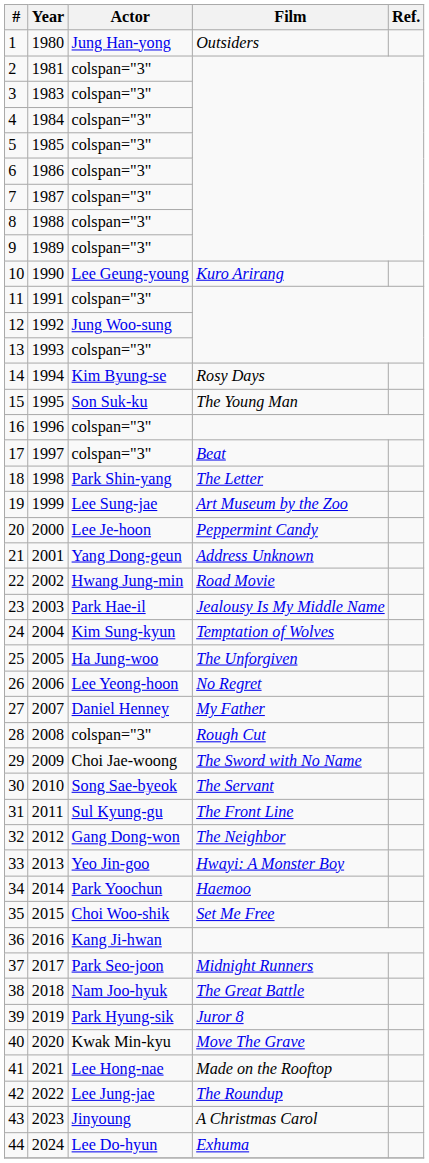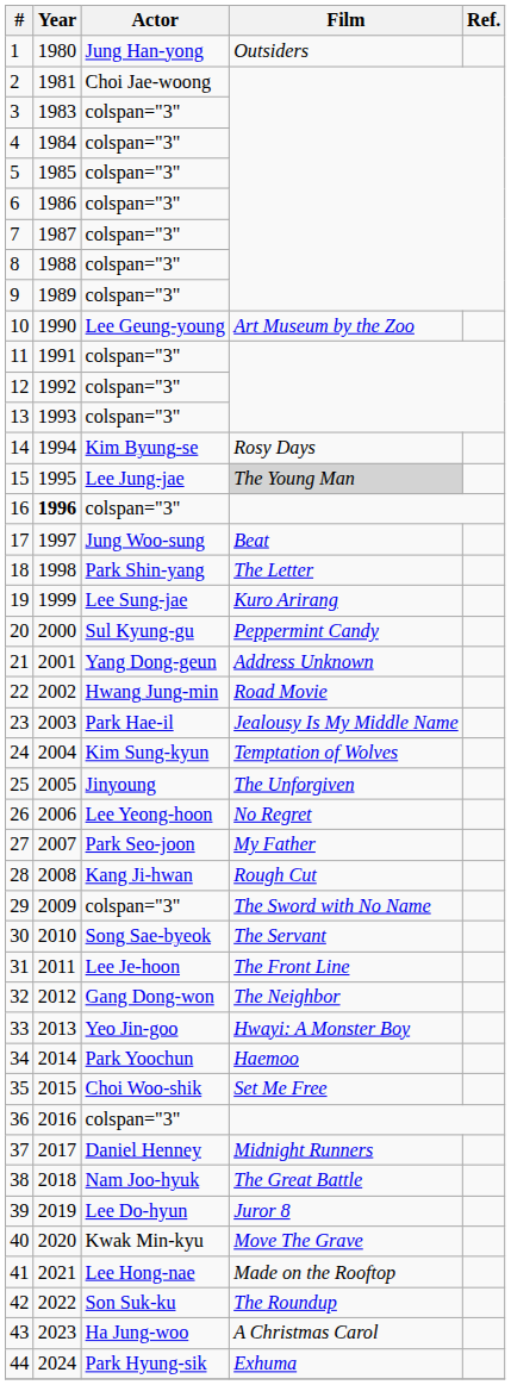 <table class="wikitable">
 <tr>
 <th>#</th>
 <th>Year</th>
 <th>Actor</th>
 <th>Film</th>
 <th>Ref.</th>
 </tr>
 <tr>
 <td>1</td>
 <td>1980</td>
 <td><a href='#'>Jung Han-yong</a></td>
 <td><em>Outsiders</em></td>
 <td></td>
 </tr>
 <tr>
 <td>2</td>
 <td>1981</td>
-<td>colspan="3" </td>
+<td>Choi Jae-woong</td>
 </tr>
 <tr>
 <td>3</td>
 <td>1983</td>
 <td>colspan="3" </td>
 </tr>
 <tr>
 <td>4</td>
 <td>1984</td>
 <td>colspan="3" </td>
 </tr>
 <tr>
 <td>5</td>
 <td>1985</td>
 <td>colspan="3" </td>
 </tr>
 <tr>
 <td>6</td>
 <td>1986</td>
 <td>colspan="3" </td>
 </tr>
 <tr>
 <td>7</td>
 <td>1987</td>
 <td>colspan="3" </td>
 </tr>
 <tr>
 <td>8</td>
 <td>1988</td>
 <td>colspan="3" </td>
 </tr>
 <tr>
 <td>9</td>
 <td>1989</td>
 <td>colspan="3" </td>
 </tr>
 <tr>
 <td>10</td>
 <td>1990</td>
 <td><a href='#'>Lee Geung-young</a></td>
-<td><em><a href='#'>Kuro Arirang</a></em></td>
+<td><em><a href='#'>Art Museum by the Zoo</a></em></td>
 <td></td>
 </tr>
 <tr>
 <td>11</td>
 <td>1991</td>
 <td>colspan="3" </td>
 </tr>
 <tr>
 <td>12</td>
 <td>1992</td>
-<td><a href='#'>Jung Woo-sung</a></td>
+<td>colspan="3" </td>
 </tr>
 <tr>
 <td>13</td>
 <td>1993</td>
 <td>colspan="3" </td>
 </tr>
 <tr>
 <td>14</td>
 <td>1994</td>
 <td><a href='#'>Kim Byung-se</a></td>
 <td><em>Rosy Days</em></td>
 <td></td>
 </tr>
 <tr>
 <td>15</td>
 <td>1995</td>
-<td><a href='#'>Son Suk-ku</a></td>
-<td><em>The Young Man</em></td>
+<td><a href='#'>Lee Jung-jae</a></td>
+<td style="background: lightgrey;"><em>The Young Man</em></td>
 <td></td>
 </tr>
 <tr>
 <td>16</td>
-<td>1996</td>
+<td><strong>1996</strong></td>
 <td>colspan="3" </td>
 </tr>
 <tr>
 <td>17</td>
 <td>1997</td>
-<td>colspan="3" </td>
+<td><a href='#'>Jung Woo-sung</a></td>
 <td><em><a href='#'>Beat</a></em></td>
 <td></td>
 </tr>
 <tr>
 <td>18</td>
 <td>1998</td>
 <td><a href='#'>Park Shin-yang</a></td>
 <td><em><a href='#'>The Letter</a></em></td>
 <td></td>
 </tr>
 <tr>
 <td>19</td>
 <td>1999</td>
 <td><a href='#'>Lee Sung-jae</a></td>
-<td><em><a href='#'>Art Museum by the Zoo</a></em></td>
+<td><em><a href='#'>Kuro Arirang</a></em></td>
 <td></td>
 </tr>
 <tr>
 <td>20</td>
 <td>2000</td>
-<td><a href='#'>Lee Je-hoon</a></td>
+<td><a href='#'>Sul Kyung-gu</a></td>
 <td><em><a href='#'>Peppermint Candy</a></em></td>
 <td></td>
 </tr>
 <tr>
 <td>21</td>
 <td>2001</td>
 <td><a href='#'>Yang Dong-geun</a></td>
 <td><em><a href='#'>Address Unknown</a></em></td>
 <td></td>
 </tr>
 <tr>
 <td>22</td>
 <td>2002</td>
 <td><a href='#'>Hwang Jung-min</a></td>
 <td><em><a href='#'>Road Movie</a></em></td>
 <td></td>
 </tr>
 <tr>
 <td>23</td>
 <td>2003</td>
 <td><a href='#'>Park Hae-il</a></td>
 <td><em><a href='#'>Jealousy Is My Middle Name</a></em></td>
 <td></td>
 </tr>
 <tr>
 <td>24</td>
 <td>2004</td>
 <td><a href='#'>Kim Sung-kyun</a></td>
 <td><em><a href='#'>Temptation of Wolves</a></em></td>
 <td></td>
 </tr>
 <tr>
 <td>25</td>
 <td>2005</td>
-<td><a href='#'>Ha Jung-woo</a></td>
+<td><a href='#'>Jinyoung</a></td>
 <td><em><a href='#'>The Unforgiven</a></em></td>
 <td></td>
 </tr>
 <tr>
 <td>26</td>
 <td>2006</td>
 <td><a href='#'>Lee Yeong-hoon</a></td>
 <td><em><a href='#'>No Regret</a></em></td>
 <td></td>
 </tr>
 <tr>
 <td>27</td>
 <td>2007</td>
-<td><a href='#'>Daniel Henney</a></td>
+<td><a href='#'>Park Seo-joon</a></td>
 <td><em><a href='#'>My Father</a></em></td>
 <td></td>
 </tr>
 <tr>
 <td>28</td>
 <td>2008</td>
-<td>colspan="3" </td>
+<td><a href='#'>Kang Ji-hwan</a></td>
 <td><em><a href='#'>Rough Cut</a></em></td>
 <td></td>
 </tr>
 <tr>
 <td>29</td>
 <td>2009</td>
-<td>Choi Jae-woong</td>
+<td>colspan="3" </td>
 <td><em><a href='#'>The Sword with No Name</a></em></td>
 <td></td>
 </tr>
 <tr>
 <td>30</td>
 <td>2010</td>
 <td><a href='#'>Song Sae-byeok</a></td>
 <td><em><a href='#'>The Servant</a></em></td>
 <td></td>
 </tr>
 <tr>
 <td>31</td>
 <td>2011</td>
-<td><a href='#'>Sul Kyung-gu</a></td>
+<td><a href='#'>Lee Je-hoon</a></td>
 <td><em><a href='#'>The Front Line</a></em></td>
 <td></td>
 </tr>
 <tr>
 <td>32</td>
 <td>2012</td>
 <td><a href='#'>Gang Dong-won</a></td>
 <td><em><a href='#'>The Neighbor</a></em></td>
 <td></td>
 </tr>
 <tr>
 <td>33</td>
 <td>2013</td>
 <td><a href='#'>Yeo Jin-goo</a></td>
 <td><em><a href='#'>Hwayi: A Monster Boy</a></em></td>
 <td></td>
 </tr>
 <tr>
 <td>34</td>
 <td>2014</td>
 <td><a href='#'>Park Yoochun</a></td>
 <td><em><a href='#'>Haemoo</a></em></td>
 <td></td>
 </tr>
 <tr>
 <td>35</td>
 <td>2015</td>
 <td><a href='#'>Choi Woo-shik</a></td>
 <td><em><a href='#'>Set Me Free</a></em></td>
 <td></td>
 </tr>
 <tr>
 <td>36</td>
 <td>2016</td>
-<td><a href='#'>Kang Ji-hwan</a></td>
+<td>colspan="3" </td>
 </tr>
 <tr>
 <td>37</td>
 <td>2017</td>
-<td><a href='#'>Park Seo-joon</a></td>
+<td><a href='#'>Daniel Henney</a></td>
 <td><em><a href='#'>Midnight Runners</a></em></td>
 <td></td>
 </tr>
 <tr>
 <td>38</td>
 <td>2018</td>
 <td><a href='#'>Nam Joo-hyuk</a></td>
 <td><em><a href='#'>The Great Battle</a></em></td>
 <td></td>
 </tr>
 <tr>
 <td>39</td>
 <td>2019</td>
-<td><a href='#'>Park Hyung-sik</a></td>
+<td><a href='#'>Lee Do-hyun</a></td>
 <td><em><a href='#'>Juror 8</a></em></td>
 <td></td>
 </tr>
 <tr>
 <td>40</td>
 <td>2020</td>
 <td>Kwak Min-kyu</td>
 <td><em><a href='#'>Move The Grave</a></em></td>
 <td></td>
 </tr>
 <tr>
 <td>41</td>
 <td>2021</td>
 <td><a href='#'>Lee Hong-nae</a></td>
 <td><em>Made on the Rooftop</em></td>
 <td></td>
 </tr>
 <tr>
 <td>42</td>
 <td>2022</td>
-<td><a href='#'>Lee Jung-jae</a></td>
+<td><a href='#'>Son Suk-ku</a></td>
 <td><em><a href='#'>The Roundup</a></em></td>
 <td></td>
 </tr>
 <tr>
 <td>43</td>
 <td>2023</td>
-<td><a href='#'>Jinyoung</a></td>
+<td><a href='#'>Ha Jung-woo</a></td>
 <td><em>A Christmas Carol</em></td>
 <td></td>
 </tr>
 <tr>
 <td>44</td>
 <td>2024</td>
-<td><a href='#'>Lee Do-hyun</a></td>
+<td><a href='#'>Park Hyung-sik</a></td>
 <td><em><a href='#'>Exhuma</a></em></td>
 <td></td>
 </tr>
 <tr>
 </tr>
 </table>
